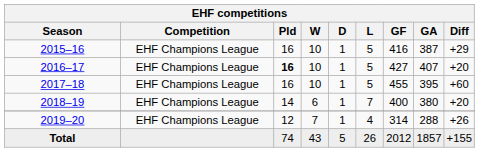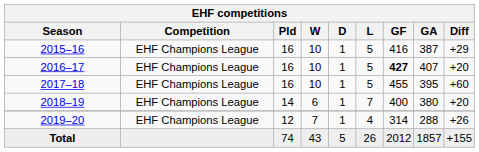 <table class="wikitable" style="font-size:95%; text-align: center;">
 <tr>
 <th colspan="9">EHF competitions</th>
 </tr>
 <tr>
 <th width="150">Season</th>
 <th width="200">Competition</th>
 <th width="30">Pld</th>
 <th width="30">W</th>
 <th width="30">D</th>
 <th width="30">L</th>
 <th width="30">GF</th>
 <th width="30">GA</th>
 <th width="30">Diff</th>
 </tr>
 <tr>
 <td><a href='#'>2015–16</a></td>
 <td>EHF Champions League</td>
 <td>16</td>
 <td>10</td>
 <td>1</td>
 <td>5</td>
 <td>416</td>
 <td>387</td>
 <td>+29</td>
 </tr>
 <tr>
 <td><a href='#'>2016–17</a></td>
 <td>EHF Champions League</td>
-<td><strong>16</strong></td>
+<td>16</td>
 <td>10</td>
 <td>1</td>
 <td>5</td>
-<td>427</td>
+<td><strong>427</strong></td>
 <td>407</td>
 <td>+20</td>
 </tr>
 <tr>
 <td><a href='#'>2017–18</a></td>
 <td>EHF Champions League</td>
 <td>16</td>
 <td>10</td>
 <td>1</td>
 <td>5</td>
 <td>455</td>
 <td>395</td>
 <td>+60</td>
 </tr>
 <tr>
 <td><a href='#'>2018–19</a></td>
 <td>EHF Champions League</td>
 <td>14</td>
 <td>6</td>
 <td>1</td>
 <td>7</td>
 <td>400</td>
 <td>380</td>
 <td>+20</td>
 </tr>
 <tr bgcolor=#EEEEEE>
 </tr>
 <tr>
 <td><a href='#'>2019–20</a></td>
 <td>EHF Champions League</td>
 <td>12</td>
 <td>7</td>
 <td>1</td>
 <td>4</td>
 <td>314</td>
 <td>288</td>
 <td>+26</td>
 </tr>
 <tr bgcolor=#EEEEEE>
 <td><strong>Total</strong></td>
 <td></td>
 <td>74</td>
 <td>43</td>
 <td>5</td>
 <td>26</td>
 <td>2012</td>
 <td>1857</td>
 <td>+155</td>
 </tr>
 </table>
